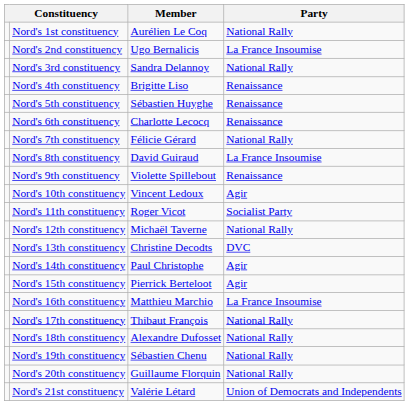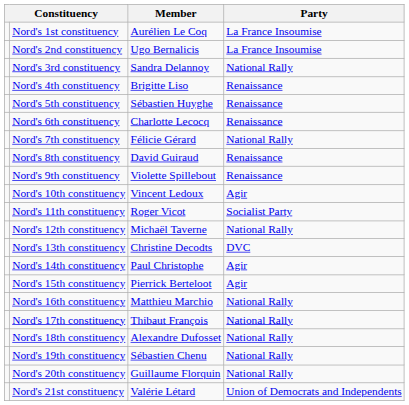 <table class="wikitable">
 <tr>
 <th colspan="2">Constituency</th>
 <th>Member</th>
 <th>Party</th>
 </tr>
 <tr>
 <td style="background-color: "></td>
 <td><a href='#'>Nord's 1st constituency</a></td>
 <td><a href='#'>Aurélien Le Coq</a></td>
-<td><a href='#'>National Rally</a></td>
+<td><a href='#'>La France Insoumise</a></td>
 </tr>
 <tr>
 <td style="background-color: "></td>
 <td><a href='#'>Nord's 2nd constituency</a></td>
 <td><a href='#'>Ugo Bernalicis</a></td>
 <td><a href='#'>La France Insoumise</a></td>
 </tr>
 <tr>
 <td style="background-color: "></td>
 <td><a href='#'>Nord's 3rd constituency</a></td>
 <td><a href='#'>Sandra Delannoy</a></td>
 <td><a href='#'>National Rally</a></td>
 </tr>
 <tr>
 <td style="background-color: "></td>
 <td><a href='#'>Nord's 4th constituency</a></td>
 <td><a href='#'>Brigitte Liso</a></td>
 <td><a href='#'>Renaissance</a></td>
 </tr>
 <tr>
 <td style="background-color: "></td>
 <td><a href='#'>Nord's 5th constituency</a></td>
 <td><a href='#'>Sébastien Huyghe</a></td>
 <td><a href='#'>Renaissance</a></td>
 </tr>
 <tr>
 <td style="background-color: "></td>
 <td><a href='#'>Nord's 6th constituency</a></td>
 <td><a href='#'>Charlotte Lecocq</a></td>
 <td><a href='#'>Renaissance</a></td>
 </tr>
 <tr>
 <td style="background-color: "></td>
 <td><a href='#'>Nord's 7th constituency</a></td>
 <td><a href='#'>Félicie Gérard</a></td>
 <td><a href='#'>National Rally</a></td>
 </tr>
 <tr>
 <td style="background-color: "></td>
 <td><a href='#'>Nord's 8th constituency</a></td>
 <td><a href='#'>David Guiraud</a></td>
-<td><a href='#'>La France Insoumise</a></td>
+<td><a href='#'>Renaissance</a></td>
 </tr>
 <tr>
 <td style="background-color: "></td>
 <td><a href='#'>Nord's 9th constituency</a></td>
 <td><a href='#'>Violette Spillebout</a></td>
 <td><a href='#'>Renaissance</a></td>
 </tr>
 <tr>
 <td style="background-color: "></td>
 <td><a href='#'>Nord's 10th constituency</a></td>
 <td><a href='#'>Vincent Ledoux</a></td>
 <td><a href='#'>Agir</a></td>
 </tr>
 <tr>
 <td style="background-color: "></td>
 <td><a href='#'>Nord's 11th constituency</a></td>
 <td><a href='#'>Roger Vicot</a></td>
 <td><a href='#'>Socialist Party</a></td>
 </tr>
 <tr>
 <td style="background-color: "></td>
 <td><a href='#'>Nord's 12th constituency</a></td>
 <td><a href='#'>Michaël Taverne</a></td>
 <td><a href='#'>National Rally</a></td>
 </tr>
 <tr>
 <td style="background-color: "></td>
 <td><a href='#'>Nord's 13th constituency</a></td>
 <td><a href='#'>Christine Decodts</a></td>
 <td><a href='#'>DVC</a></td>
 </tr>
 <tr>
 <td style="background-color: "></td>
 <td><a href='#'>Nord's 14th constituency</a></td>
 <td><a href='#'>Paul Christophe</a></td>
 <td><a href='#'>Agir</a></td>
 </tr>
 <tr>
 <td style="background-color: "></td>
 <td><a href='#'>Nord's 15th constituency</a></td>
 <td><a href='#'>Pierrick Berteloot</a></td>
 <td><a href='#'>Agir</a></td>
 </tr>
 <tr>
 <td style="background-color: "></td>
 <td><a href='#'>Nord's 16th constituency</a></td>
 <td><a href='#'>Matthieu Marchio</a></td>
-<td><a href='#'>La France Insoumise</a></td>
+<td><a href='#'>National Rally</a></td>
 </tr>
 <tr>
 <td style="background-color: "></td>
 <td><a href='#'>Nord's 17th constituency</a></td>
 <td><a href='#'>Thibaut François</a></td>
 <td><a href='#'>National Rally</a></td>
 </tr>
 <tr>
 <td style="background-color: "></td>
 <td><a href='#'>Nord's 18th constituency</a></td>
 <td><a href='#'>Alexandre Dufosset</a></td>
 <td><a href='#'>National Rally</a></td>
 </tr>
 <tr>
 <td style="background-color: "></td>
 <td><a href='#'>Nord's 19th constituency</a></td>
 <td><a href='#'>Sébastien Chenu</a></td>
 <td><a href='#'>National Rally</a></td>
 </tr>
 <tr>
 <td style="background-color: "></td>
 <td><a href='#'>Nord's 20th constituency</a></td>
 <td><a href='#'>Guillaume Florquin</a></td>
 <td><a href='#'>National Rally</a></td>
 </tr>
 <tr>
 <td style="background-color: "></td>
 <td><a href='#'>Nord's 21st constituency</a></td>
 <td><a href='#'>Valérie Létard</a></td>
 <td><a href='#'>Union of Democrats and Independents</a></td>
 </tr>
 </table>
